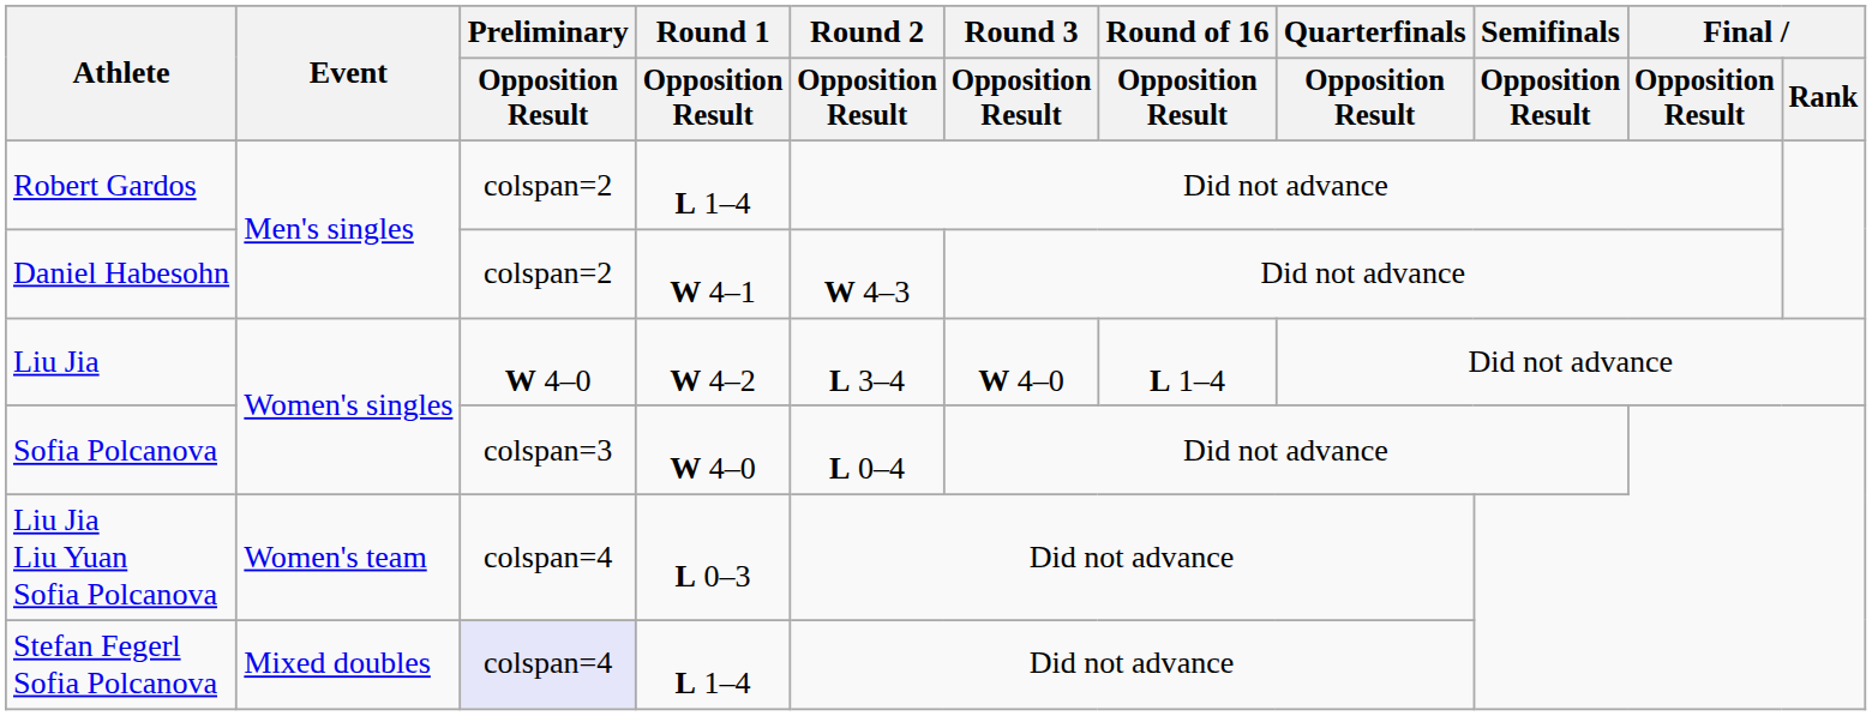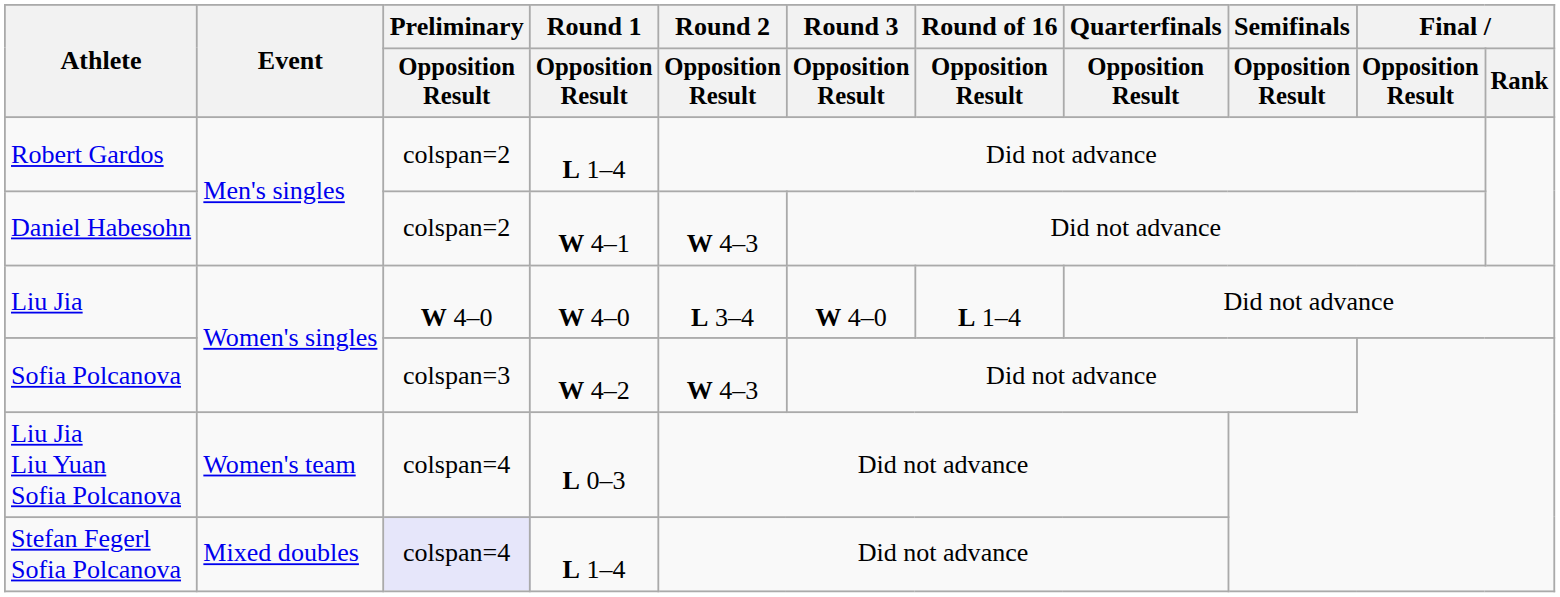 <table class="wikitable" style="font-size:90%;">
 <tr>
 <th rowspan=2>Athlete</th>
 <th rowspan=2>Event</th>
 <th>Preliminary</th>
 <th>Round 1</th>
 <th>Round 2</th>
 <th>Round 3</th>
 <th>Round of 16</th>
 <th>Quarterfinals</th>
 <th>Semifinals</th>
 <th colspan=2>Final / </th>
 </tr>
 <tr style="font-size:95%">
 <th>Opposition<br>Result</th>
 <th>Opposition<br>Result</th>
 <th>Opposition<br>Result</th>
 <th>Opposition<br>Result</th>
 <th>Opposition<br>Result</th>
 <th>Opposition<br>Result</th>
 <th>Opposition<br>Result</th>
 <th>Opposition<br>Result</th>
 <th>Rank</th>
 </tr>
 <tr align=center>
 <td align=left><a href='#'>Robert Gardos</a></td>
 <td align=left rowspan=2><a href='#'>Men's singles</a></td>
 <td>colspan=2 </td>
 <td><br><strong>L</strong> 1–4</td>
 <td colspan="6">Did not advance</td>
 </tr>
 <tr align=center>
 <td align=left><a href='#'>Daniel Habesohn</a></td>
 <td>colspan=2 </td>
 <td><br><strong>W</strong> 4–1</td>
 <td><br><strong>W</strong> 4–3</td>
 <td colspan=5>Did not advance</td>
 </tr>
 <tr align=center>
 <td align=left><a href='#'>Liu Jia</a></td>
 <td align=left rowspan=2><a href='#'>Women's singles</a></td>
 <td><br><strong>W</strong> 4–0</td>
-<td><br><strong>W</strong> 4–2</td>
+<td><br><strong>W</strong> 4–0</td>
 <td><br><strong>L</strong> 3–4</td>
 <td><br><strong>W</strong> 4–0</td>
 <td><br><strong>L</strong> 1–4</td>
 <td colspan=4>Did not advance</td>
 </tr>
 <tr align=center>
 <td align=left><a href='#'>Sofia Polcanova</a></td>
 <td>colspan=3 </td>
-<td><br><strong>W</strong> 4–0</td>
-<td><br><strong>L</strong> 0–4</td>
+<td><br><strong>W</strong> 4–2</td>
+<td><br><strong>W</strong> 4–3</td>
 <td colspan="4">Did not advance</td>
 </tr>
 <tr align=center>
 <td align=left><a href='#'>Liu Jia</a><br><a href='#'>Liu Yuan</a><br><a href='#'>Sofia Polcanova</a></td>
 <td align=left><a href='#'>Women's team</a></td>
 <td>colspan=4 </td>
 <td><br><strong>L</strong> 0–3</td>
 <td colspan="4">Did not advance</td>
 </tr>
 <tr align=center>
 <td align=left><a href='#'>Stefan Fegerl</a><br><a href='#'>Sofia Polcanova</a></td>
 <td align=left><a href='#'>Mixed doubles</a></td>
 <td style="background: lavender;">colspan=4 </td>
 <td><br><strong>L</strong> 1–4</td>
 <td colspan="4">Did not advance</td>
 </tr>
 </table>
